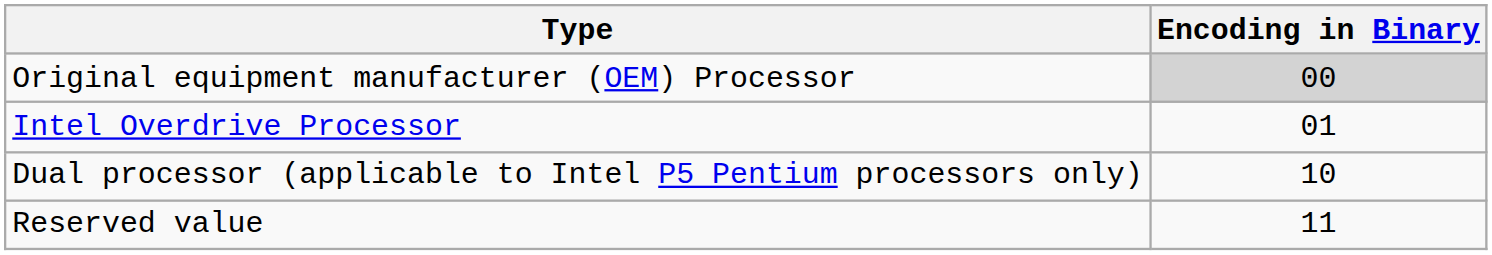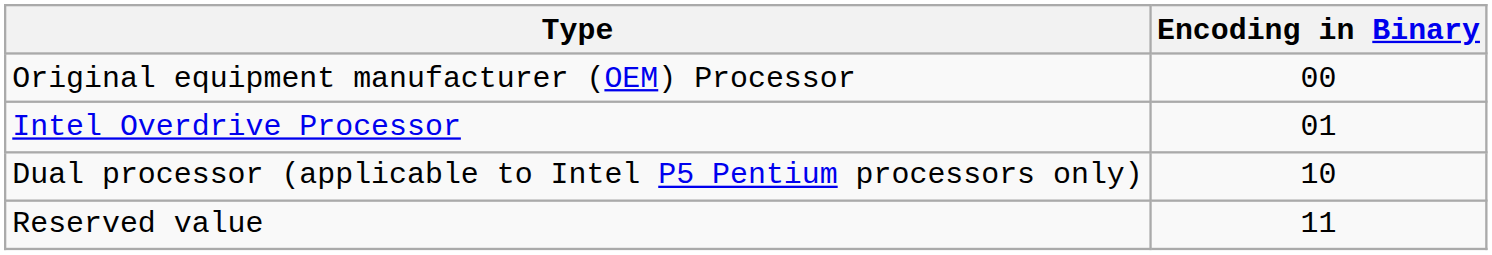 <table class="wikitable">
 <tr>
 <th>Type</th>
 <th>Encoding in <a href='#'>Binary</a></th>
 </tr>
 <tr>
 <td>Original equipment manufacturer (<a href='#'>OEM</a>) Processor</td>
-<td style="background: lightgrey; text-align: center">00</td>
+<td style="text-align: center">00</td>
 </tr>
 <tr>
 <td><a href='#'>Intel Overdrive Processor</a></td>
 <td style="text-align: center">01</td>
 </tr>
 <tr>
 <td>Dual processor (applicable to Intel <a href='#'>P5 Pentium</a> processors only)</td>
 <td style="text-align: center">10</td>
 </tr>
 <tr>
 <td>Reserved value</td>
 <td style="text-align: center">11</td>
 </tr>
 </table>
